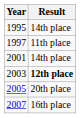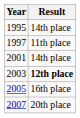 <table class="wikitable">
 <tr>
 <th>Year</th>
 <th>Result</th>
 </tr>
 <tr>
 <td> 1995</td>
 <td>14th place</td>
 </tr>
 <tr>
 <td> 1997</td>
 <td>11th place</td>
 </tr>
 <tr>
 <td> 2001</td>
 <td>14th place</td>
 </tr>
 <tr>
 <td> 2003</td>
 <td><strong>12th place</strong></td>
 </tr>
 <tr>
 <td> <a href='#'>2005</a></td>
-<td>20th place</td>
+<td>16th place</td>
 </tr>
 <tr>
 <td> <a href='#'>2007</a></td>
-<td>16th place</td>
+<td>20th place</td>
 </tr>
 </table>
